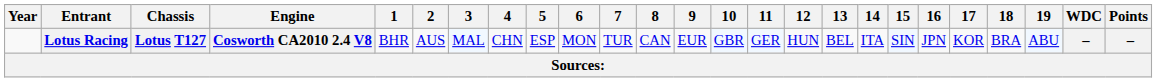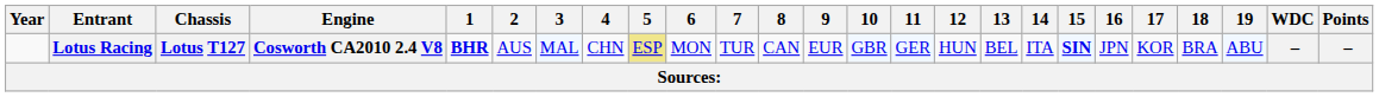 <table class="wikitable" style="text-align:center; font-size:85%">
 <tr>
 <th>Year</th>
 <th>Entrant</th>
 <th>Chassis</th>
 <th>Engine</th>
 <th>1</th>
 <th>2</th>
 <th>3</th>
 <th>4</th>
 <th>5</th>
 <th>6</th>
 <th>7</th>
 <th>8</th>
 <th>9</th>
 <th>10</th>
 <th>11</th>
 <th>12</th>
 <th>13</th>
 <th>14</th>
 <th>15</th>
 <th>16</th>
 <th>17</th>
 <th>18</th>
 <th>19</th>
 <th>WDC</th>
 <th>Points</th>
 </tr>
 <tr>
 <td></td>
 <th nowrap><a href='#'>Lotus Racing</a></th>
 <th nowrap><a href='#'>Lotus</a> <a href='#'>T127</a></th>
 <th nowrap><a href='#'>Cosworth</a> CA2010 2.4 <a href='#'>V8</a></th>
-<td><a href='#'>BHR</a></td>
+<td><strong><a href='#'>BHR</a></strong></td>
 <td><a href='#'>AUS</a></td>
 <td style="background:#F1F8FF;"><a href='#'>MAL</a><br></td>
 <td><a href='#'>CHN</a></td>
-<td><a href='#'>ESP</a></td>
+<td style="background: khaki;"><a href='#'>ESP</a></td>
 <td><a href='#'>MON</a></td>
 <td><a href='#'>TUR</a></td>
 <td><a href='#'>CAN</a></td>
 <td><a href='#'>EUR</a></td>
 <td style="background:#F1F8FF;"><a href='#'>GBR</a><br></td>
 <td style="background:#F1F8FF;"><a href='#'>GER</a><br></td>
 <td><a href='#'>HUN</a></td>
 <td><a href='#'>BEL</a></td>
 <td><a href='#'>ITA</a></td>
-<td style="background:#F1F8FF;"><a href='#'>SIN</a><br></td>
+<td style="background:#F1F8FF;"><strong><a href='#'>SIN</a><br></strong></td>
 <td><a href='#'>JPN</a></td>
 <td><a href='#'>KOR</a></td>
 <td><a href='#'>BRA</a></td>
 <td style="background:#F1F8FF;"><a href='#'>ABU</a><br></td>
 <th> –</th>
 <th> –</th>
 </tr>
 <tr>
 <th colspan="25">Sources:</th>
 </tr>
 </table>
